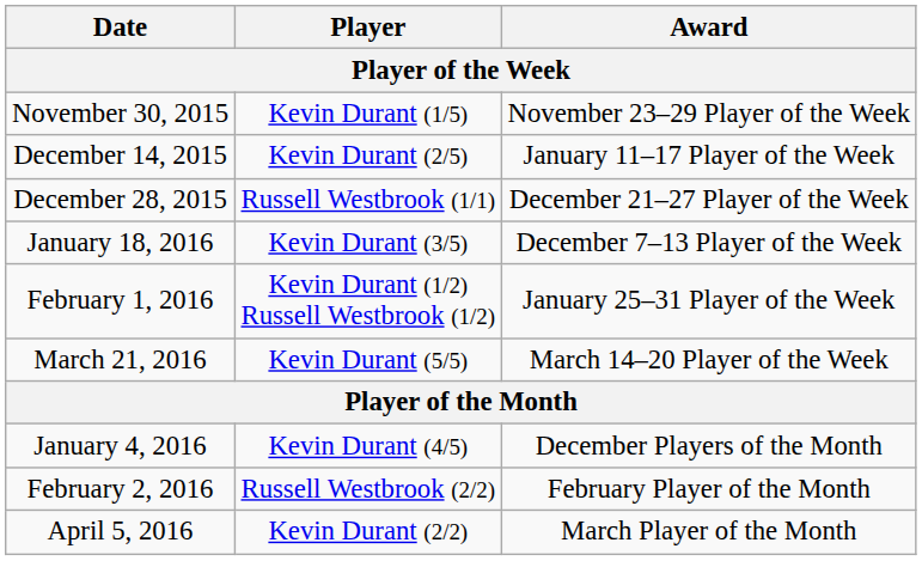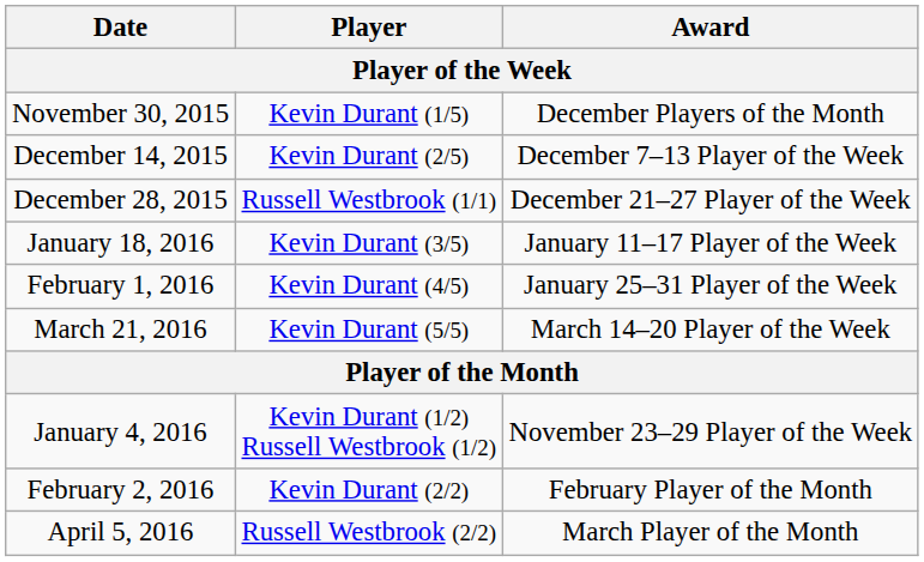 <table class="wikitable" style="text-align: center">
 <tr>
 <th>Date</th>
 <th>Player</th>
 <th>Award</th>
 </tr>
 <tr>
 <th scope="row" colspan="6" style="text-align:center;”">Player of the Week</th>
 </tr>
 <tr style="text-align: center">
 <td>November 30, 2015</td>
 <td><a href='#'>Kevin Durant</a> <small>(1/5)</small></td>
-<td>November 23–29 Player of the Week</td>
+<td>December Players of the Month</td>
 </tr>
 <tr style="text-align: center">
 <td>December 14, 2015</td>
 <td><a href='#'>Kevin Durant</a> <small>(2/5)</small></td>
-<td>January 11–17 Player of the Week</td>
+<td>December 7–13 Player of the Week</td>
 </tr>
 <tr style="text-align: center">
 <td>December 28, 2015</td>
 <td><a href='#'>Russell Westbrook</a> <small>(1/1)</small></td>
 <td>December 21–27 Player of the Week</td>
 </tr>
 <tr style="text-align: center">
 <td>January 18, 2016</td>
 <td><a href='#'>Kevin Durant</a> <small>(3/5)</small></td>
-<td>December 7–13 Player of the Week</td>
+<td>January 11–17 Player of the Week</td>
 </tr>
 <tr style="text-align: center">
 <td>February 1, 2016</td>
-<td><a href='#'>Kevin Durant</a> <small>(1/2)</small><br><a href='#'>Russell Westbrook</a> <small>(1/2)</small></td>
+<td><a href='#'>Kevin Durant</a> <small>(4/5)</small></td>
 <td>January 25–31 Player of the Week</td>
 </tr>
 <tr style="text-align: center">
 <td>March 21, 2016</td>
 <td><a href='#'>Kevin Durant</a> <small>(5/5)</small></td>
 <td>March 14–20 Player of the Week</td>
 </tr>
 <tr>
 <th scope="row" colspan="6" style="text-align:center;”">Player of the Month</th>
 </tr>
 <tr style="text-align: center">
 <td>January 4, 2016</td>
-<td><a href='#'>Kevin Durant</a> <small>(4/5)</small></td>
-<td>December Players of the Month</td>
+<td><a href='#'>Kevin Durant</a> <small>(1/2)</small><br><a href='#'>Russell Westbrook</a> <small>(1/2)</small></td>
+<td>November 23–29 Player of the Week</td>
 </tr>
 <tr style="text-align: center">
 <td>February 2, 2016</td>
-<td><a href='#'>Russell Westbrook</a> <small>(2/2)</small></td>
+<td><a href='#'>Kevin Durant</a> <small>(2/2)</small></td>
 <td>February Player of the Month</td>
 </tr>
 <tr style="text-align: center">
 <td>April 5, 2016</td>
-<td><a href='#'>Kevin Durant</a> <small>(2/2)</small></td>
+<td><a href='#'>Russell Westbrook</a> <small>(2/2)</small></td>
 <td>March Player of the Month</td>
 </tr>
 </table>
